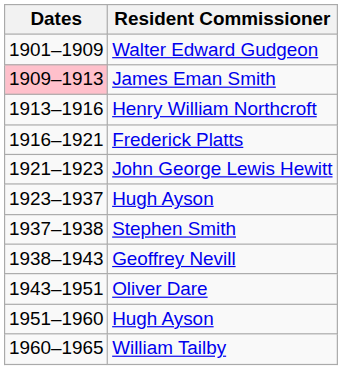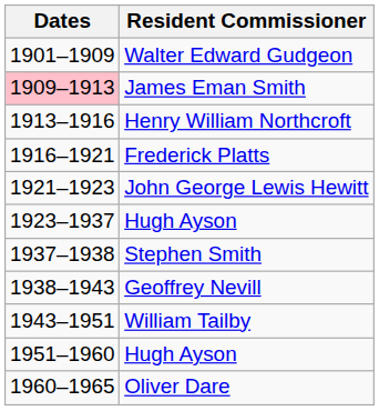 <table class=wikitable>
 <tr>
 <th>Dates</th>
 <th>Resident Commissioner</th>
 </tr>
 <tr>
 <td>1901–1909</td>
 <td><a href='#'>Walter Edward Gudgeon</a></td>
 </tr>
 <tr>
 <td style="background: pink;">1909–1913</td>
 <td><a href='#'>James Eman Smith</a></td>
 </tr>
 <tr>
 <td>1913–1916</td>
 <td><a href='#'>Henry William Northcroft</a></td>
 </tr>
 <tr>
 <td>1916–1921</td>
 <td><a href='#'>Frederick Platts</a></td>
 </tr>
 <tr>
 <td>1921–1923</td>
 <td><a href='#'>John George Lewis Hewitt</a></td>
 </tr>
 <tr>
 <td>1923–1937</td>
 <td><a href='#'>Hugh Ayson</a></td>
 </tr>
 <tr>
 <td>1937–1938</td>
 <td><a href='#'>Stephen Smith</a></td>
 </tr>
 <tr>
 <td>1938–1943</td>
 <td><a href='#'>Geoffrey Nevill</a></td>
 </tr>
 <tr>
 <td>1943–1951</td>
-<td><a href='#'>Oliver Dare</a></td>
+<td><a href='#'>William Tailby</a></td>
 </tr>
 <tr>
 <td>1951–1960</td>
 <td><a href='#'>Hugh Ayson</a></td>
 </tr>
 <tr>
 <td>1960–1965</td>
-<td><a href='#'>William Tailby</a></td>
+<td><a href='#'>Oliver Dare</a></td>
 </tr>
 </table>
